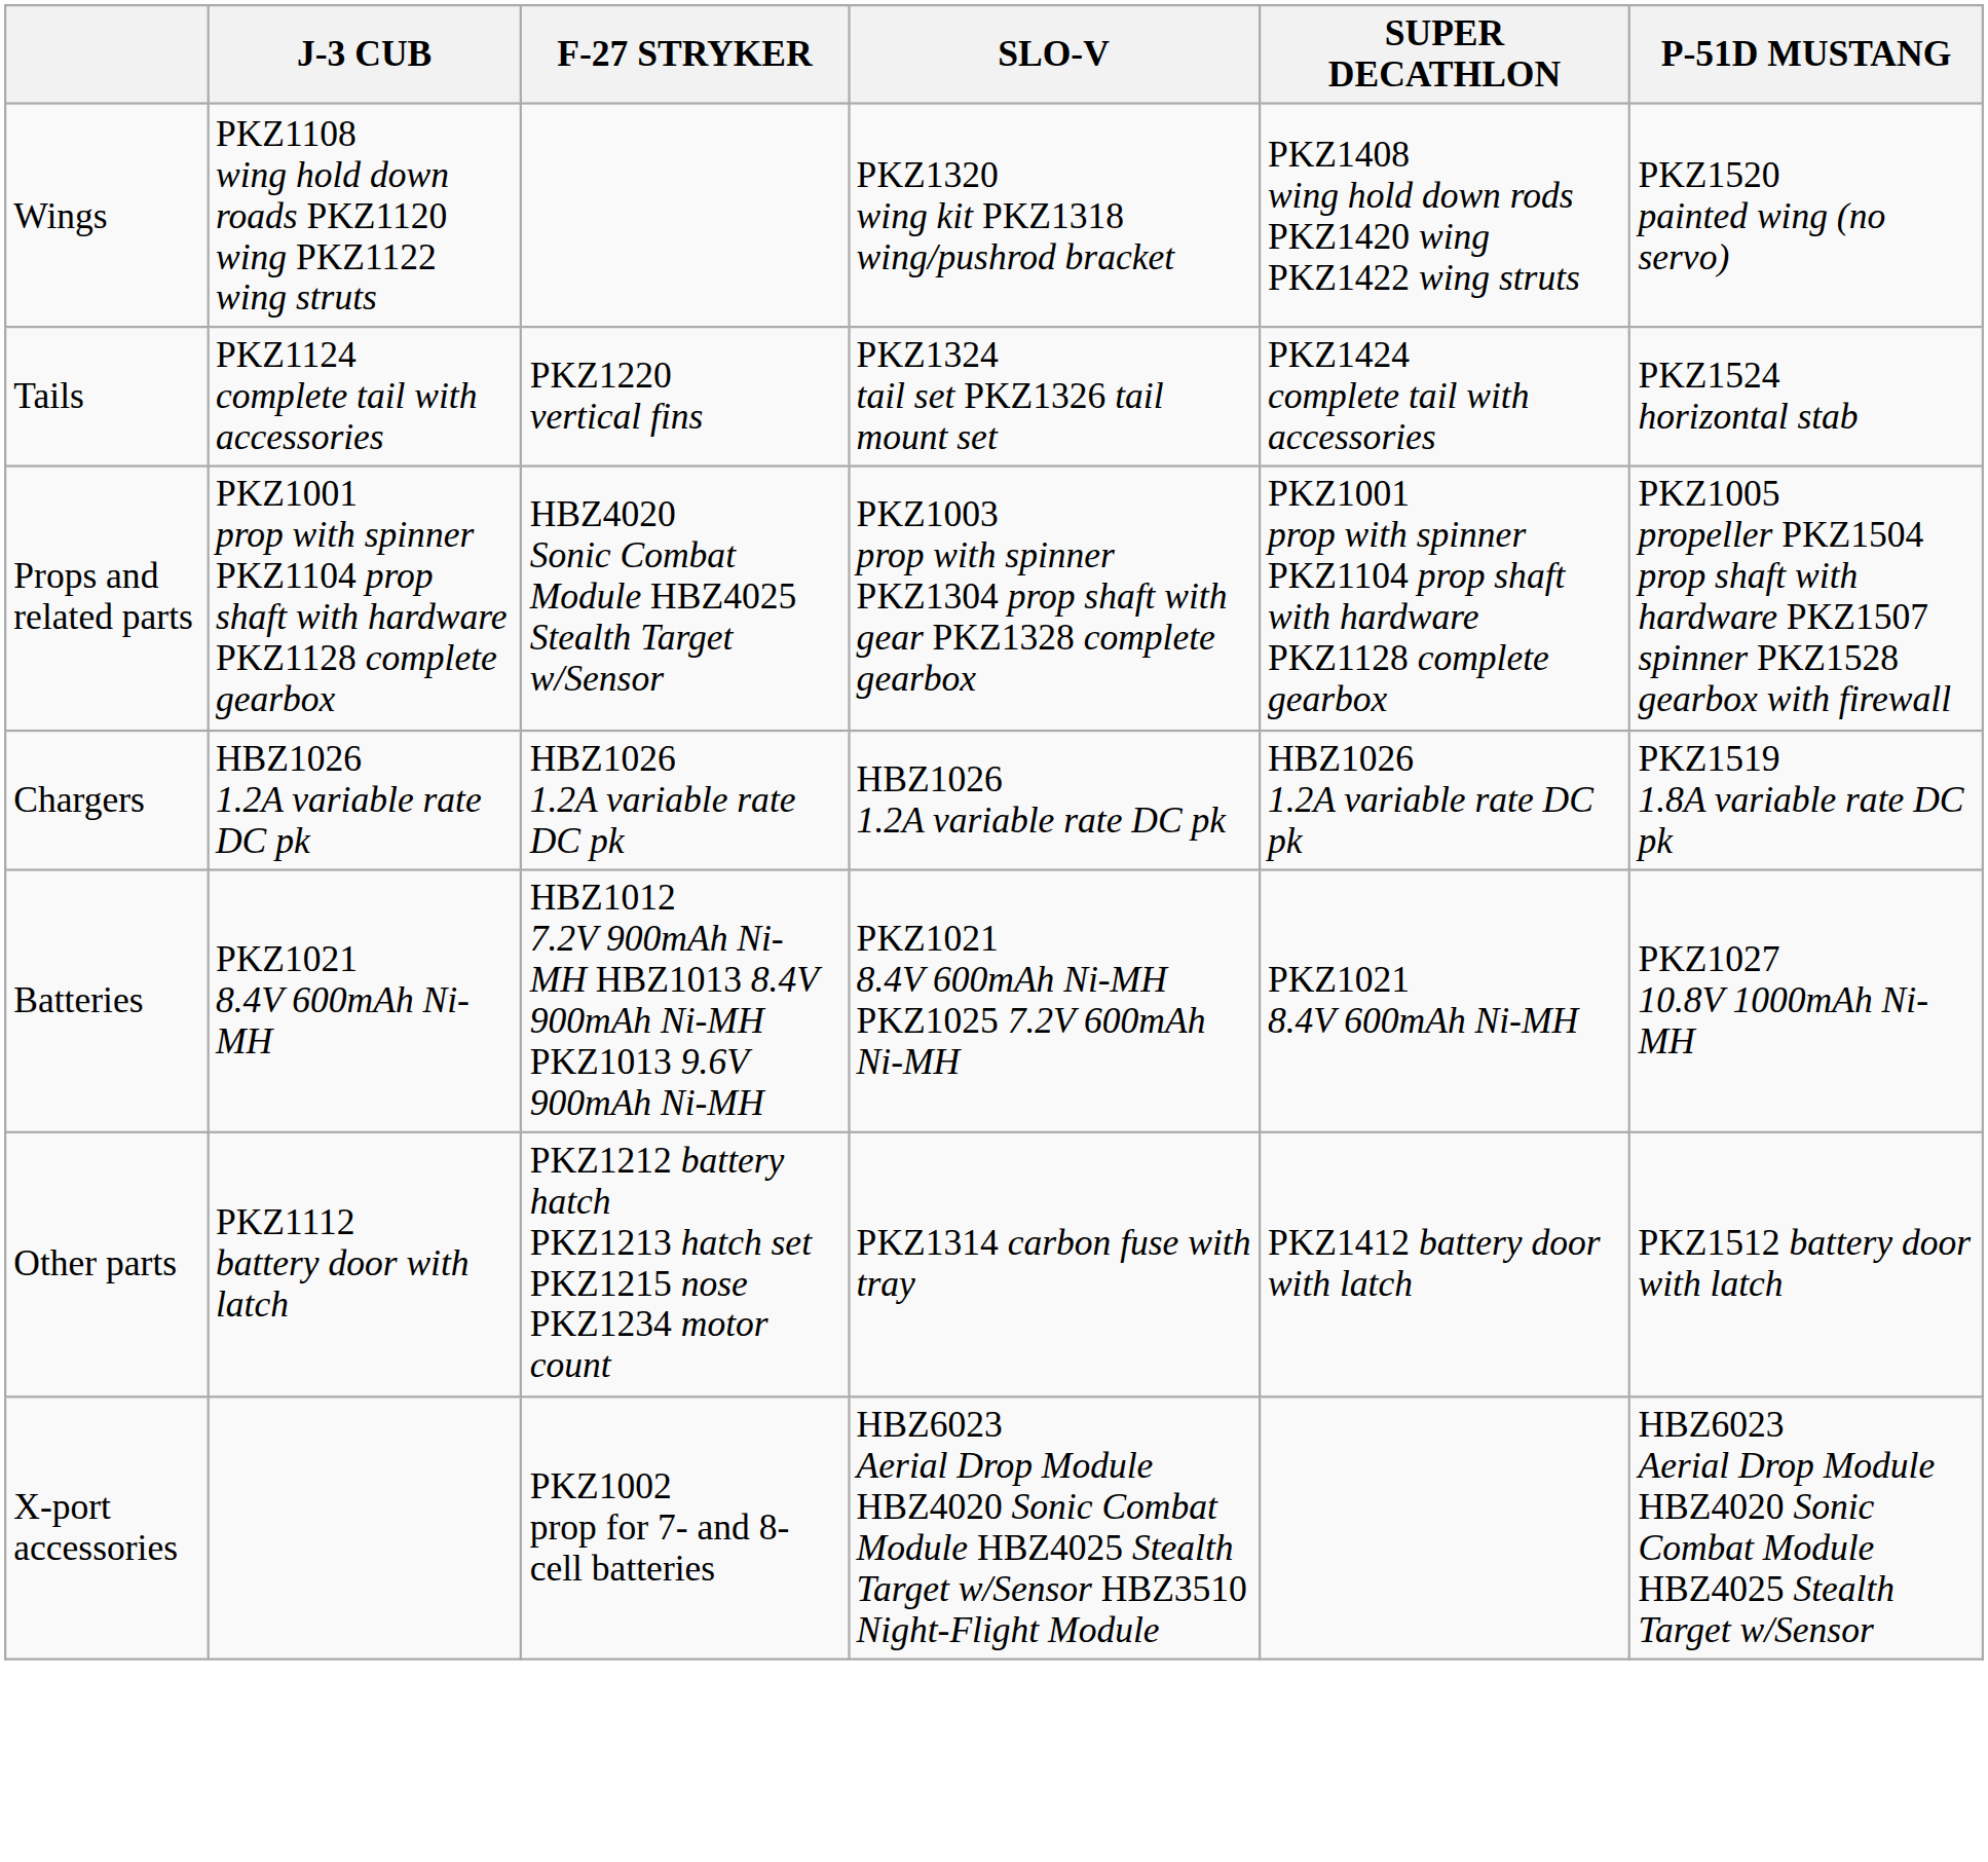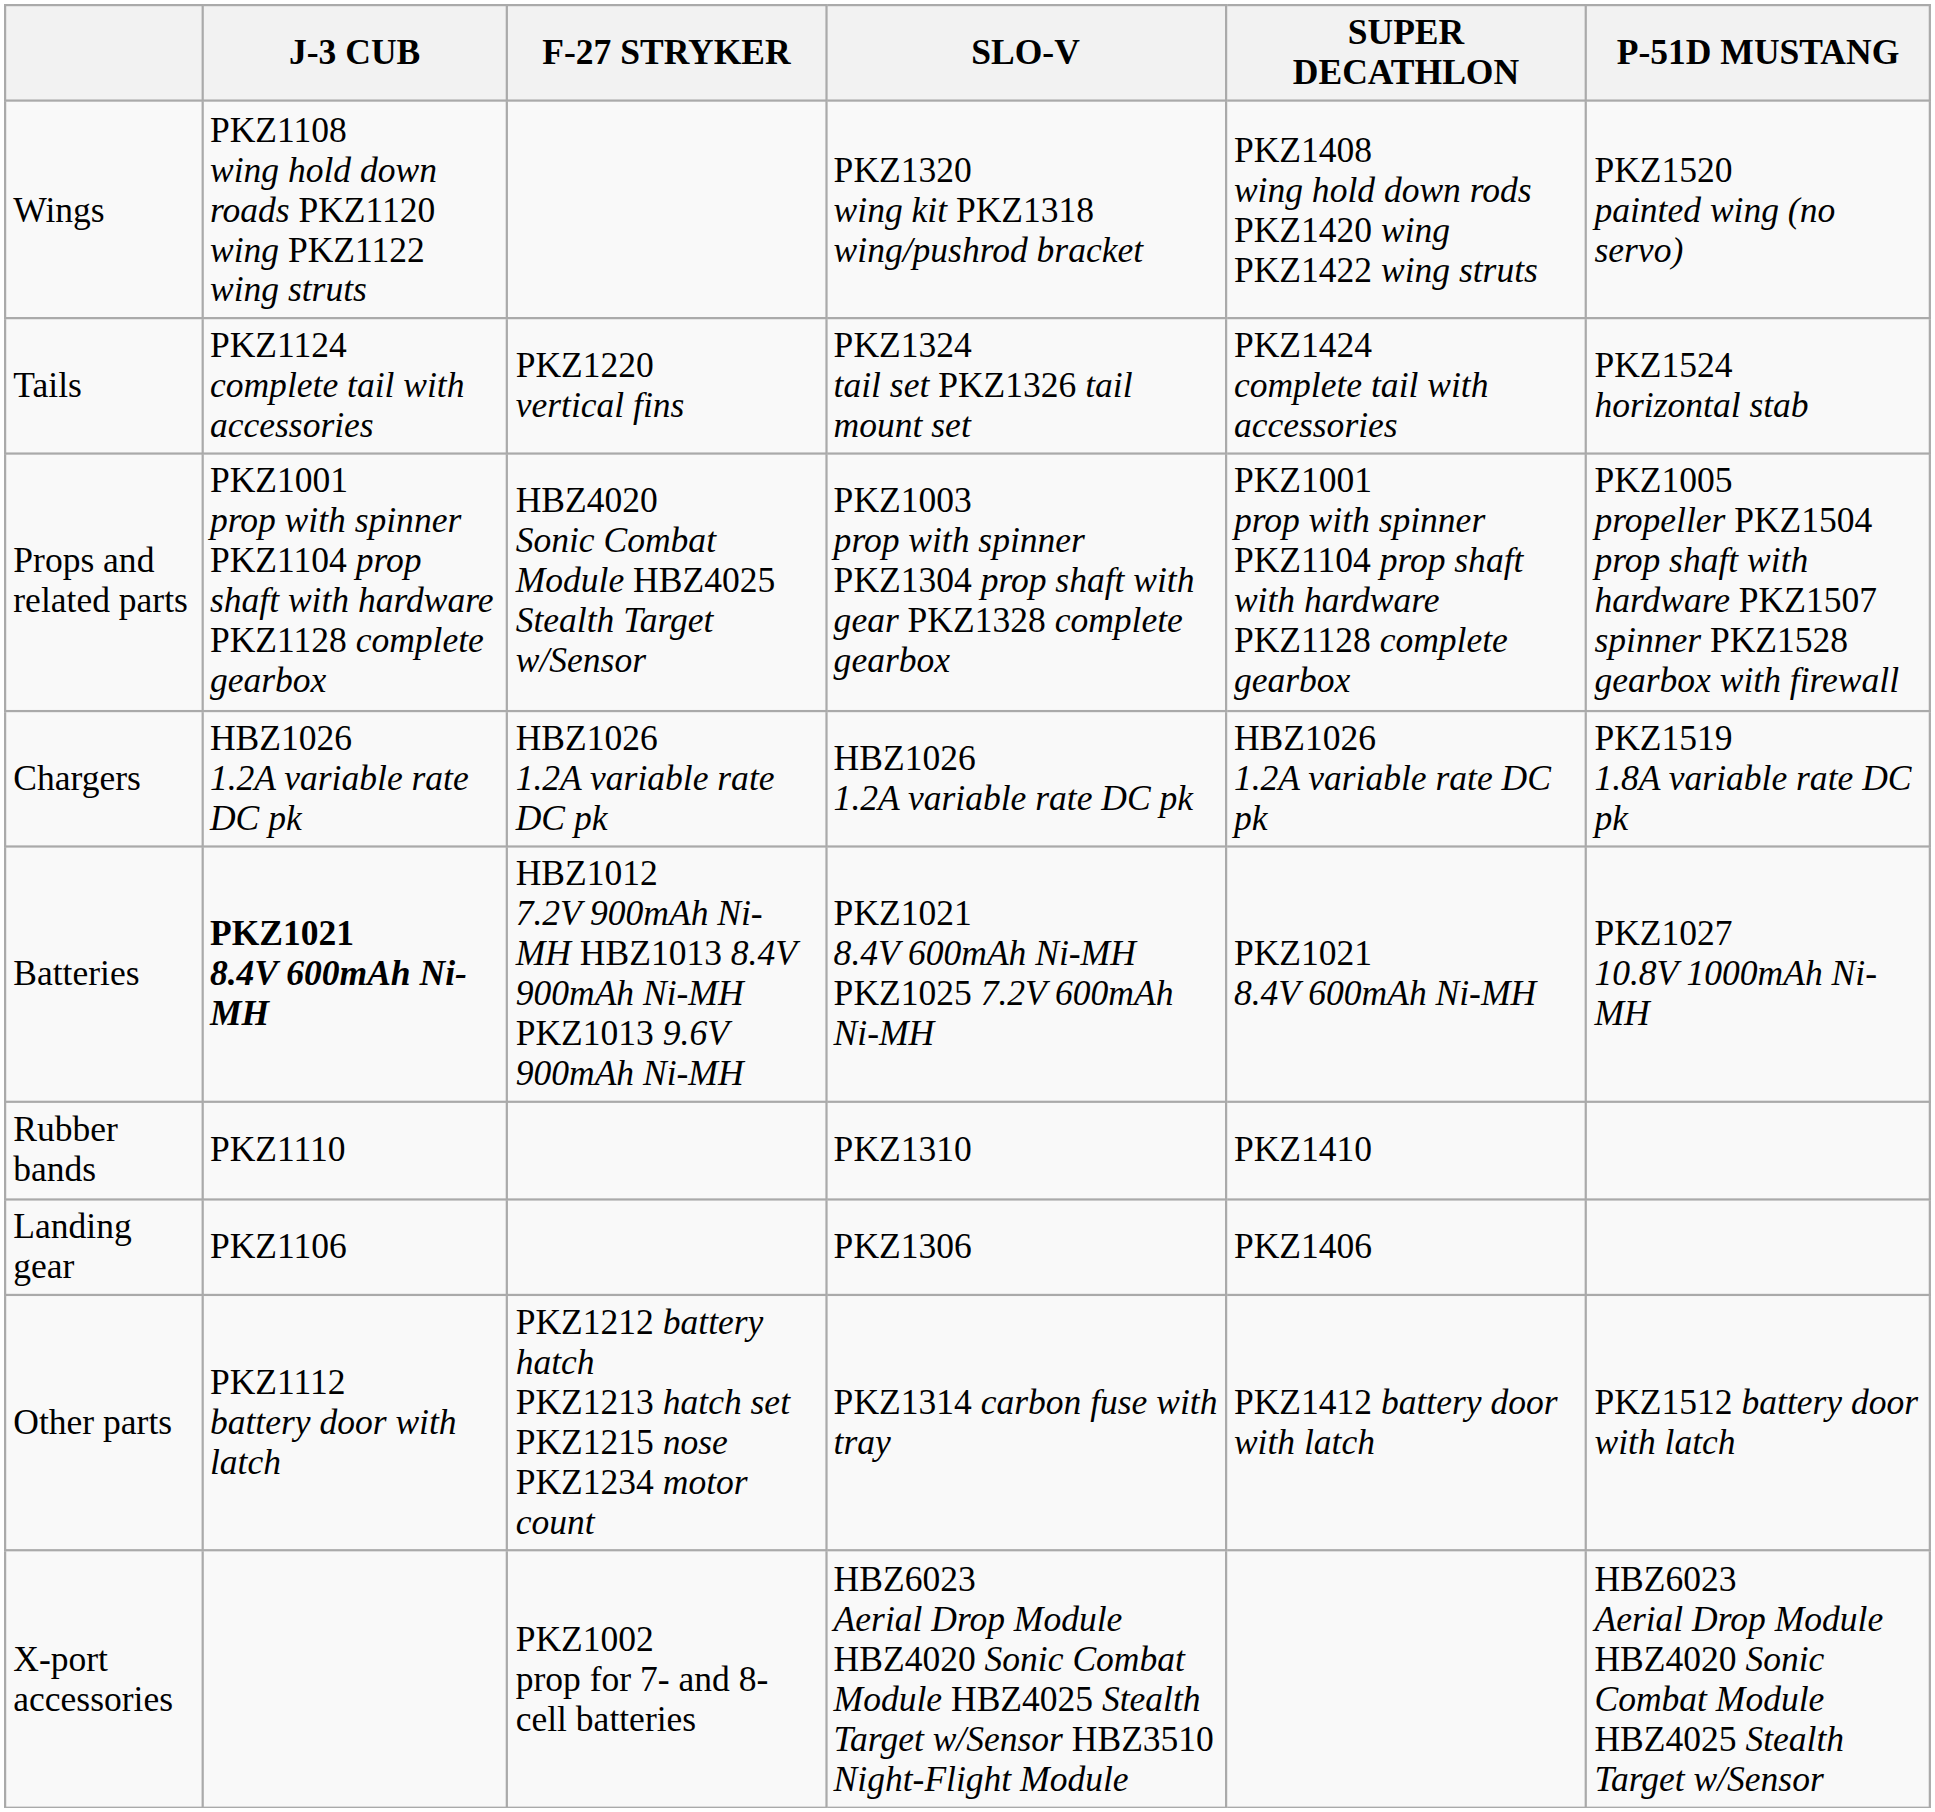 <table class="wikitable">
 <tr>
 <th></th>
 <th>J-3 CUB</th>
 <th>F-27 STRYKER</th>
 <th>SLO-V</th>
 <th>SUPER DECATHLON</th>
 <th>P-51D MUSTANG</th>
 </tr>
 <tr>
 <td>Wings</td>
 <td>PKZ1108<br><em>wing hold down roads</em> PKZ1120 <em>wing</em> PKZ1122 <em>wing struts</em></td>
 <td></td>
 <td>PKZ1320<br><em>wing kit</em> PKZ1318 <em>wing/pushrod bracket</em></td>
 <td>PKZ1408<br><em>wing hold down rods</em> PKZ1420 <em>wing</em> PKZ1422 <em>wing struts</em></td>
 <td>PKZ1520<br><em>painted wing (no servo)</em></td>
 </tr>
 <tr>
 <td>Tails</td>
 <td>PKZ1124<br><em>complete tail with accessories</em></td>
 <td>PKZ1220<br><em>vertical fins</em></td>
 <td>PKZ1324<br><em>tail set</em> PKZ1326 <em>tail mount set</em></td>
 <td>PKZ1424<br><em>complete tail with accessories</em></td>
 <td>PKZ1524<br><em>horizontal stab</em></td>
 </tr>
 <tr>
 <td>Props and related parts</td>
 <td>PKZ1001<br><em>prop with spinner</em> PKZ1104 <em>prop shaft with hardware</em> PKZ1128 <em>complete gearbox</em></td>
 <td>HBZ4020<br><em>Sonic Combat Module</em> HBZ4025 <em>Stealth Target w/Sensor</em></td>
 <td>PKZ1003<br><em>prop with spinner</em> PKZ1304 <em>prop shaft with gear</em> PKZ1328 <em>complete gearbox</em></td>
 <td>PKZ1001<br><em>prop with spinner</em> PKZ1104 <em>prop shaft with hardware</em> PKZ1128 <em>complete gearbox</em></td>
 <td>PKZ1005<br><em>propeller</em> PKZ1504 <em>prop shaft with hardware</em> PKZ1507 <em>spinner</em> PKZ1528 <em>gearbox with firewall</em></td>
 </tr>
 <tr>
 <td>Chargers</td>
 <td>HBZ1026<br><em>1.2A variable rate DC pk</em></td>
 <td>HBZ1026<br><em>1.2A variable rate DC pk</em></td>
 <td>HBZ1026<br><em>1.2A variable rate DC pk</em></td>
 <td>HBZ1026<br><em>1.2A variable rate DC pk</em></td>
 <td>PKZ1519<br><em>1.8A variable rate DC pk</em></td>
 </tr>
 <tr>
 <td>Batteries</td>
-<td>PKZ1021<br><em>8.4V 600mAh Ni-MH</em></td>
+<td><strong>PKZ1021<br><em>8.4V 600mAh Ni-MH</em></strong></td>
 <td>HBZ1012<br><em>7.2V 900mAh Ni-MH</em> HBZ1013 <em>8.4V 900mAh Ni-MH</em> PKZ1013 <em>9.6V 900mAh Ni-MH</em></td>
 <td>PKZ1021<br><em>8.4V 600mAh Ni-MH</em> PKZ1025 <em>7.2V 600mAh Ni-MH</em></td>
 <td>PKZ1021<br><em>8.4V 600mAh Ni-MH</em></td>
 <td>PKZ1027<br><em>10.8V 1000mAh Ni-MH</em></td>
+</tr>
+<tr>
+<td>Rubber bands</td>
+<td>PKZ1110</td>
+<td></td>
+<td>PKZ1310</td>
+<td>PKZ1410</td>
+<td></td>
+</tr>
+<tr>
+<td>Landing gear</td>
+<td>PKZ1106</td>
+<td></td>
+<td>PKZ1306</td>
+<td>PKZ1406</td>
+<td></td>
 </tr>
 <tr>
 <td>Other parts</td>
 <td>PKZ1112<br><em>battery door with latch</em></td>
 <td>PKZ1212 <em>battery hatch</em><br>PKZ1213 <em>hatch set</em> PKZ1215 <em>nose</em> PKZ1234 <em>motor count</em></td>
 <td>PKZ1314 <em>carbon fuse with tray</em></td>
 <td>PKZ1412 <em>battery door with latch</em></td>
 <td>PKZ1512 <em>battery door with latch</em></td>
 </tr>
 <tr>
 <td>X-port accessories</td>
 <td></td>
 <td>PKZ1002<br>prop for 7- and 8-cell batteries</td>
 <td>HBZ6023<br><em>Aerial Drop Module</em> HBZ4020 <em>Sonic Combat Module</em> HBZ4025 <em>Stealth Target w/Sensor</em> HBZ3510 <em>Night-Flight Module</em></td>
 <td></td>
 <td>HBZ6023<br><em>Aerial Drop Module</em> HBZ4020 <em>Sonic Combat Module</em> HBZ4025 <em>Stealth Target w/Sensor</em></td>
 </tr>
 </table>
